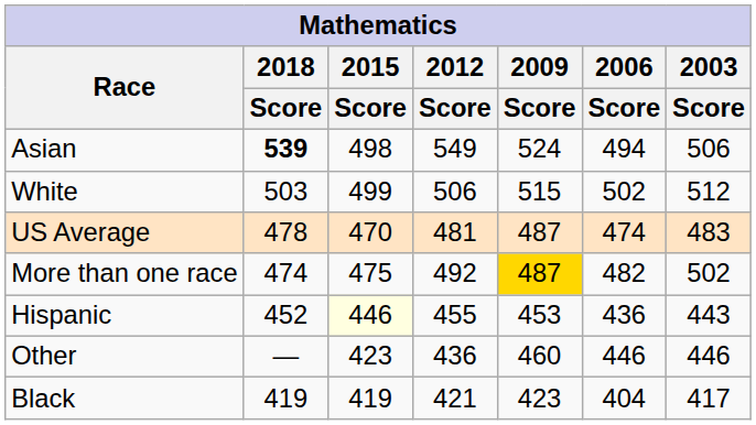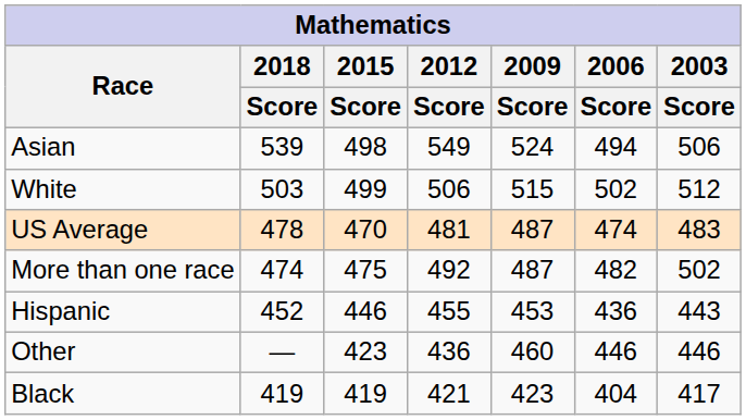 <table class="wikitable sortable" style="text-align:center;">
 <tr>
 <th colspan="7" style="background:#ceceee;">Mathematics</th>
 </tr>
 <tr>
 <th rowspan=2>Race</th>
 <th>2018</th>
 <th>2015</th>
 <th>2012</th>
 <th>2009</th>
 <th>2006</th>
 <th>2003</th>
 </tr>
 <tr>
 <th>Score</th>
 <th data-sort-type=number>Score</th>
 <th data-sort-type=number>Score</th>
 <th data-sort-type=number>Score</th>
 <th data-sort-type=number>Score</th>
 <th data-sort-type=number>Score</th>
 </tr>
 <tr>
 <td style="text-align:left;">Asian</td>
-<td><strong>539</strong></td>
+<td>539</td>
 <td>498</td>
 <td>549</td>
 <td>524</td>
 <td>494</td>
 <td>506</td>
 </tr>
 <tr>
 <td style="text-align:left;">White</td>
 <td>503</td>
 <td>499</td>
 <td>506</td>
 <td>515</td>
 <td>502</td>
 <td>512</td>
 </tr>
 <tr style="background-color: #FFE4C4;">
 <td style="text-align:left;">US Average</td>
 <td>478</td>
 <td>470</td>
 <td>481</td>
 <td>487</td>
 <td>474</td>
 <td>483</td>
 </tr>
 <tr>
 <td style="text-align:left;">More than one race</td>
 <td>474</td>
 <td>475</td>
 <td>492</td>
-<td style="background: gold;">487</td>
+<td>487</td>
 <td>482</td>
 <td>502</td>
 </tr>
 <tr>
 <td style="text-align:left;">Hispanic</td>
 <td>452</td>
-<td style="background: lightyellow;">446</td>
+<td>446</td>
 <td>455</td>
 <td>453</td>
 <td>436</td>
 <td>443</td>
 </tr>
 <tr>
 <td style="text-align:left;">Other</td>
 <td>—</td>
 <td>423</td>
 <td>436</td>
 <td>460</td>
 <td>446</td>
 <td>446</td>
 </tr>
 <tr>
 <td style="text-align:left;">Black</td>
 <td>419</td>
 <td>419</td>
 <td>421</td>
 <td>423</td>
 <td>404</td>
 <td>417</td>
 </tr>
 </table>
